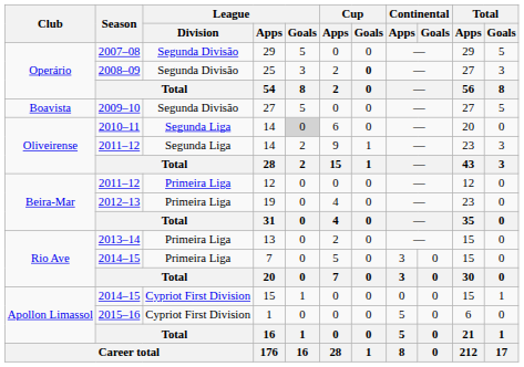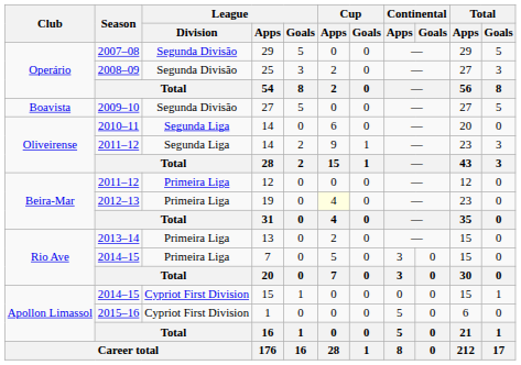 <table class="wikitable" style="text-align: center;">
 <tr>
 <th rowspan="2">Club</th>
 <th rowspan="2">Season</th>
 <th colspan="3">League</th>
 <th colspan="2">Cup</th>
 <th colspan="2">Continental</th>
 <th colspan="2">Total</th>
 </tr>
 <tr>
 <th>Division</th>
 <th>Apps</th>
 <th>Goals</th>
 <th>Apps</th>
 <th>Goals</th>
 <th>Apps</th>
 <th>Goals</th>
 <th>Apps</th>
 <th>Goals</th>
 </tr>
 <tr>
 <td rowspan="3"><a href='#'>Operário</a></td>
 <td><a href='#'>2007–08</a></td>
 <td><a href='#'>Segunda Divisão</a></td>
 <td>29</td>
 <td>5</td>
 <td>0</td>
 <td>0</td>
 <td colspan="2">—</td>
 <td>29</td>
 <td>5</td>
 </tr>
 <tr>
 <td><a href='#'>2008–09</a></td>
 <td>Segunda Divisão</td>
 <td>25</td>
 <td>3</td>
 <td>2</td>
-<td><strong>0</strong></td>
+<td>0</td>
 <td colspan="2">—</td>
 <td>27</td>
 <td>3</td>
 </tr>
 <tr>
 <th colspan="2">Total</th>
 <th>54</th>
 <th>8</th>
 <th>2</th>
 <th>0</th>
 <th colspan="2">—</th>
 <th>56</th>
 <th>8</th>
 </tr>
 <tr>
 <td rowspan="1"><a href='#'>Boavista</a></td>
 <td><a href='#'>2009–10</a></td>
 <td>Segunda Divisão</td>
 <td>27</td>
 <td>5</td>
 <td>0</td>
 <td>0</td>
 <td colspan="2">—</td>
 <td>27</td>
 <td>5</td>
 </tr>
 <tr>
 <td rowspan="3"><a href='#'>Oliveirense</a></td>
 <td><a href='#'>2010–11</a></td>
 <td><a href='#'>Segunda Liga</a></td>
 <td>14</td>
-<td style="background: lightgrey;">0</td>
+<td>0</td>
 <td>6</td>
 <td>0</td>
 <td colspan="2">—</td>
 <td>20</td>
 <td>0</td>
 </tr>
 <tr>
 <td><a href='#'>2011–12</a></td>
 <td>Segunda Liga</td>
 <td>14</td>
 <td>2</td>
 <td>9</td>
 <td>1</td>
 <td colspan="2">—</td>
 <td>23</td>
 <td>3</td>
 </tr>
 <tr>
 <th colspan="2">Total</th>
 <th>28</th>
 <th>2</th>
 <th>15</th>
 <th>1</th>
 <th colspan="2">—</th>
 <th>43</th>
 <th>3</th>
 </tr>
 <tr>
 <td rowspan="3"><a href='#'>Beira-Mar</a></td>
 <td><a href='#'>2011–12</a></td>
 <td><a href='#'>Primeira Liga</a></td>
 <td>12</td>
 <td>0</td>
 <td>0</td>
 <td>0</td>
 <td colspan="2">—</td>
 <td>12</td>
 <td>0</td>
 </tr>
 <tr>
 <td><a href='#'>2012–13</a></td>
 <td>Primeira Liga</td>
 <td>19</td>
 <td>0</td>
-<td>4</td>
+<td style="background: lightyellow;">4</td>
 <td>0</td>
 <td colspan="2">—</td>
 <td>23</td>
 <td>0</td>
 </tr>
 <tr>
 <th colspan="2">Total</th>
 <th>31</th>
 <th>0</th>
 <th>4</th>
 <th>0</th>
 <th colspan="2">—</th>
 <th>35</th>
 <th>0</th>
 </tr>
 <tr>
 <td rowspan="3"><a href='#'>Rio Ave</a></td>
 <td><a href='#'>2013–14</a></td>
 <td>Primeira Liga</td>
 <td>13</td>
 <td>0</td>
 <td>2</td>
 <td>0</td>
 <td colspan="2">—</td>
 <td>15</td>
 <td>0</td>
 </tr>
 <tr>
 <td><a href='#'>2014–15</a></td>
 <td>Primeira Liga</td>
 <td>7</td>
 <td>0</td>
 <td>5</td>
 <td>0</td>
 <td>3</td>
 <td>0</td>
 <td>15</td>
 <td>0</td>
 </tr>
 <tr>
 <th colspan="2">Total</th>
 <th>20</th>
 <th>0</th>
 <th>7</th>
 <th>0</th>
 <th>3</th>
 <th>0</th>
 <th>30</th>
 <th>0</th>
 </tr>
 <tr>
 <td rowspan="3"><a href='#'>Apollon Limassol</a></td>
 <td><a href='#'>2014–15</a></td>
 <td><a href='#'>Cypriot First Division</a></td>
 <td>15</td>
 <td>1</td>
 <td>0</td>
 <td>0</td>
 <td>0</td>
 <td>0</td>
 <td>15</td>
 <td>1</td>
 </tr>
 <tr>
 <td><a href='#'>2015–16</a></td>
 <td>Cypriot First Division</td>
 <td>1</td>
 <td>0</td>
 <td>0</td>
 <td>0</td>
 <td>5</td>
 <td>0</td>
 <td>6</td>
 <td>0</td>
 </tr>
 <tr>
 <th colspan="2">Total</th>
 <th>16</th>
 <th>1</th>
 <th>0</th>
 <th>0</th>
 <th>5</th>
 <th>0</th>
 <th>21</th>
 <th>1</th>
 </tr>
 <tr>
 <th colspan="3">Career total</th>
 <th>176</th>
 <th>16</th>
 <th>28</th>
 <th>1</th>
 <th>8</th>
 <th>0</th>
 <th>212</th>
 <th>17</th>
 </tr>
 </table>
